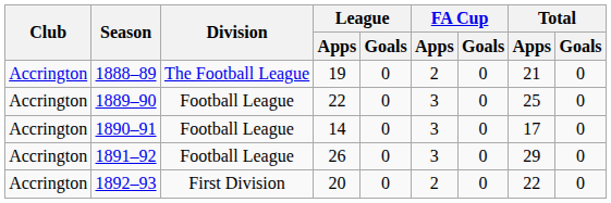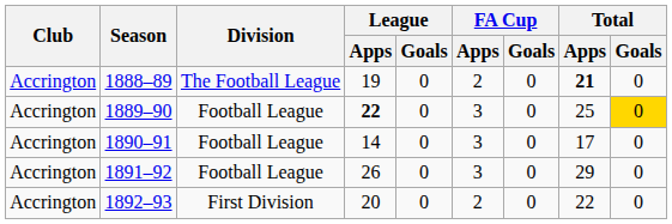 <table class="wikitable" style="text-align:center;">
 <tr>
 <th rowspan="2">Club</th>
 <th rowspan="2">Season</th>
 <th rowspan="2">Division</th>
 <th colspan="2">League</th>
 <th colspan="2"><a href='#'>FA Cup</a></th>
 <th colspan="2">Total</th>
 </tr>
 <tr>
 <th>Apps</th>
 <th>Goals</th>
 <th>Apps</th>
 <th>Goals</th>
 <th>Apps</th>
 <th>Goals</th>
 </tr>
 <tr>
 <td><a href='#'>Accrington</a></td>
 <td><a href='#'>1888–89</a></td>
 <td><a href='#'>The Football League</a></td>
 <td>19</td>
 <td>0</td>
 <td>2</td>
 <td>0</td>
-<td>21</td>
+<td><strong>21</strong></td>
 <td>0</td>
 </tr>
 <tr>
 <td>Accrington</td>
 <td><a href='#'>1889–90</a></td>
 <td>Football League</td>
-<td>22</td>
+<td><strong>22</strong></td>
 <td>0</td>
 <td>3</td>
 <td>0</td>
 <td>25</td>
-<td>0</td>
+<td style="background: gold;">0</td>
 </tr>
 <tr>
 <td>Accrington</td>
 <td><a href='#'>1890–91</a></td>
 <td>Football League</td>
 <td>14</td>
 <td>0</td>
 <td>3</td>
 <td>0</td>
 <td>17</td>
 <td>0</td>
 </tr>
 <tr>
 <td>Accrington</td>
 <td><a href='#'>1891–92</a></td>
 <td>Football League</td>
 <td>26</td>
 <td>0</td>
 <td>3</td>
 <td>0</td>
 <td>29</td>
 <td>0</td>
 </tr>
 <tr>
 <td>Accrington</td>
 <td><a href='#'>1892–93</a></td>
 <td>First Division</td>
 <td>20</td>
 <td>0</td>
 <td>2</td>
 <td>0</td>
 <td>22</td>
 <td>0</td>
 </tr>
 </table>
